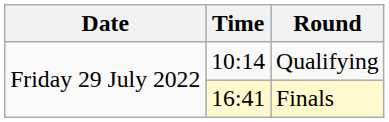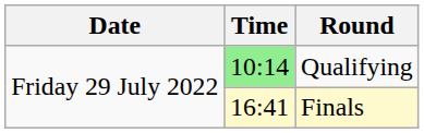 <table class="wikitable">
 <tr>
 <th>Date</th>
 <th>Time</th>
 <th>Round</th>
 </tr>
 <tr>
 <td rowspan=2>Friday 29 July 2022</td>
-<td>10:14</td>
+<td style="background: lightgreen;">10:14</td>
 <td>Qualifying</td>
 </tr>
 <tr>
 <td style=background:lemonchiffon>16:41</td>
 <td style=background:lemonchiffon>Finals</td>
 </tr>
 </table>
